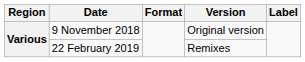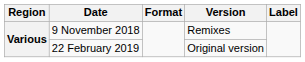 <table class="wikitable plainrowheaders">
 <tr>
 <th scope="col">Region</th>
 <th scope="col">Date</th>
 <th scope="col">Format</th>
 <th scope="col">Version</th>
 <th scope="col">Label</th>
 </tr>
 <tr>
 <th scope="row" rowspan="2">Various</th>
 <td>9 November 2018</td>
 <td scope="row" rowspan="2"></td>
-<td>Original version</td>
+<td>Remixes</td>
 <td scope="row" rowspan="2"></td>
 </tr>
 <tr>
 <td>22 February 2019</td>
-<td>Remixes</td>
+<td>Original version</td>
 </tr>
 </table>
